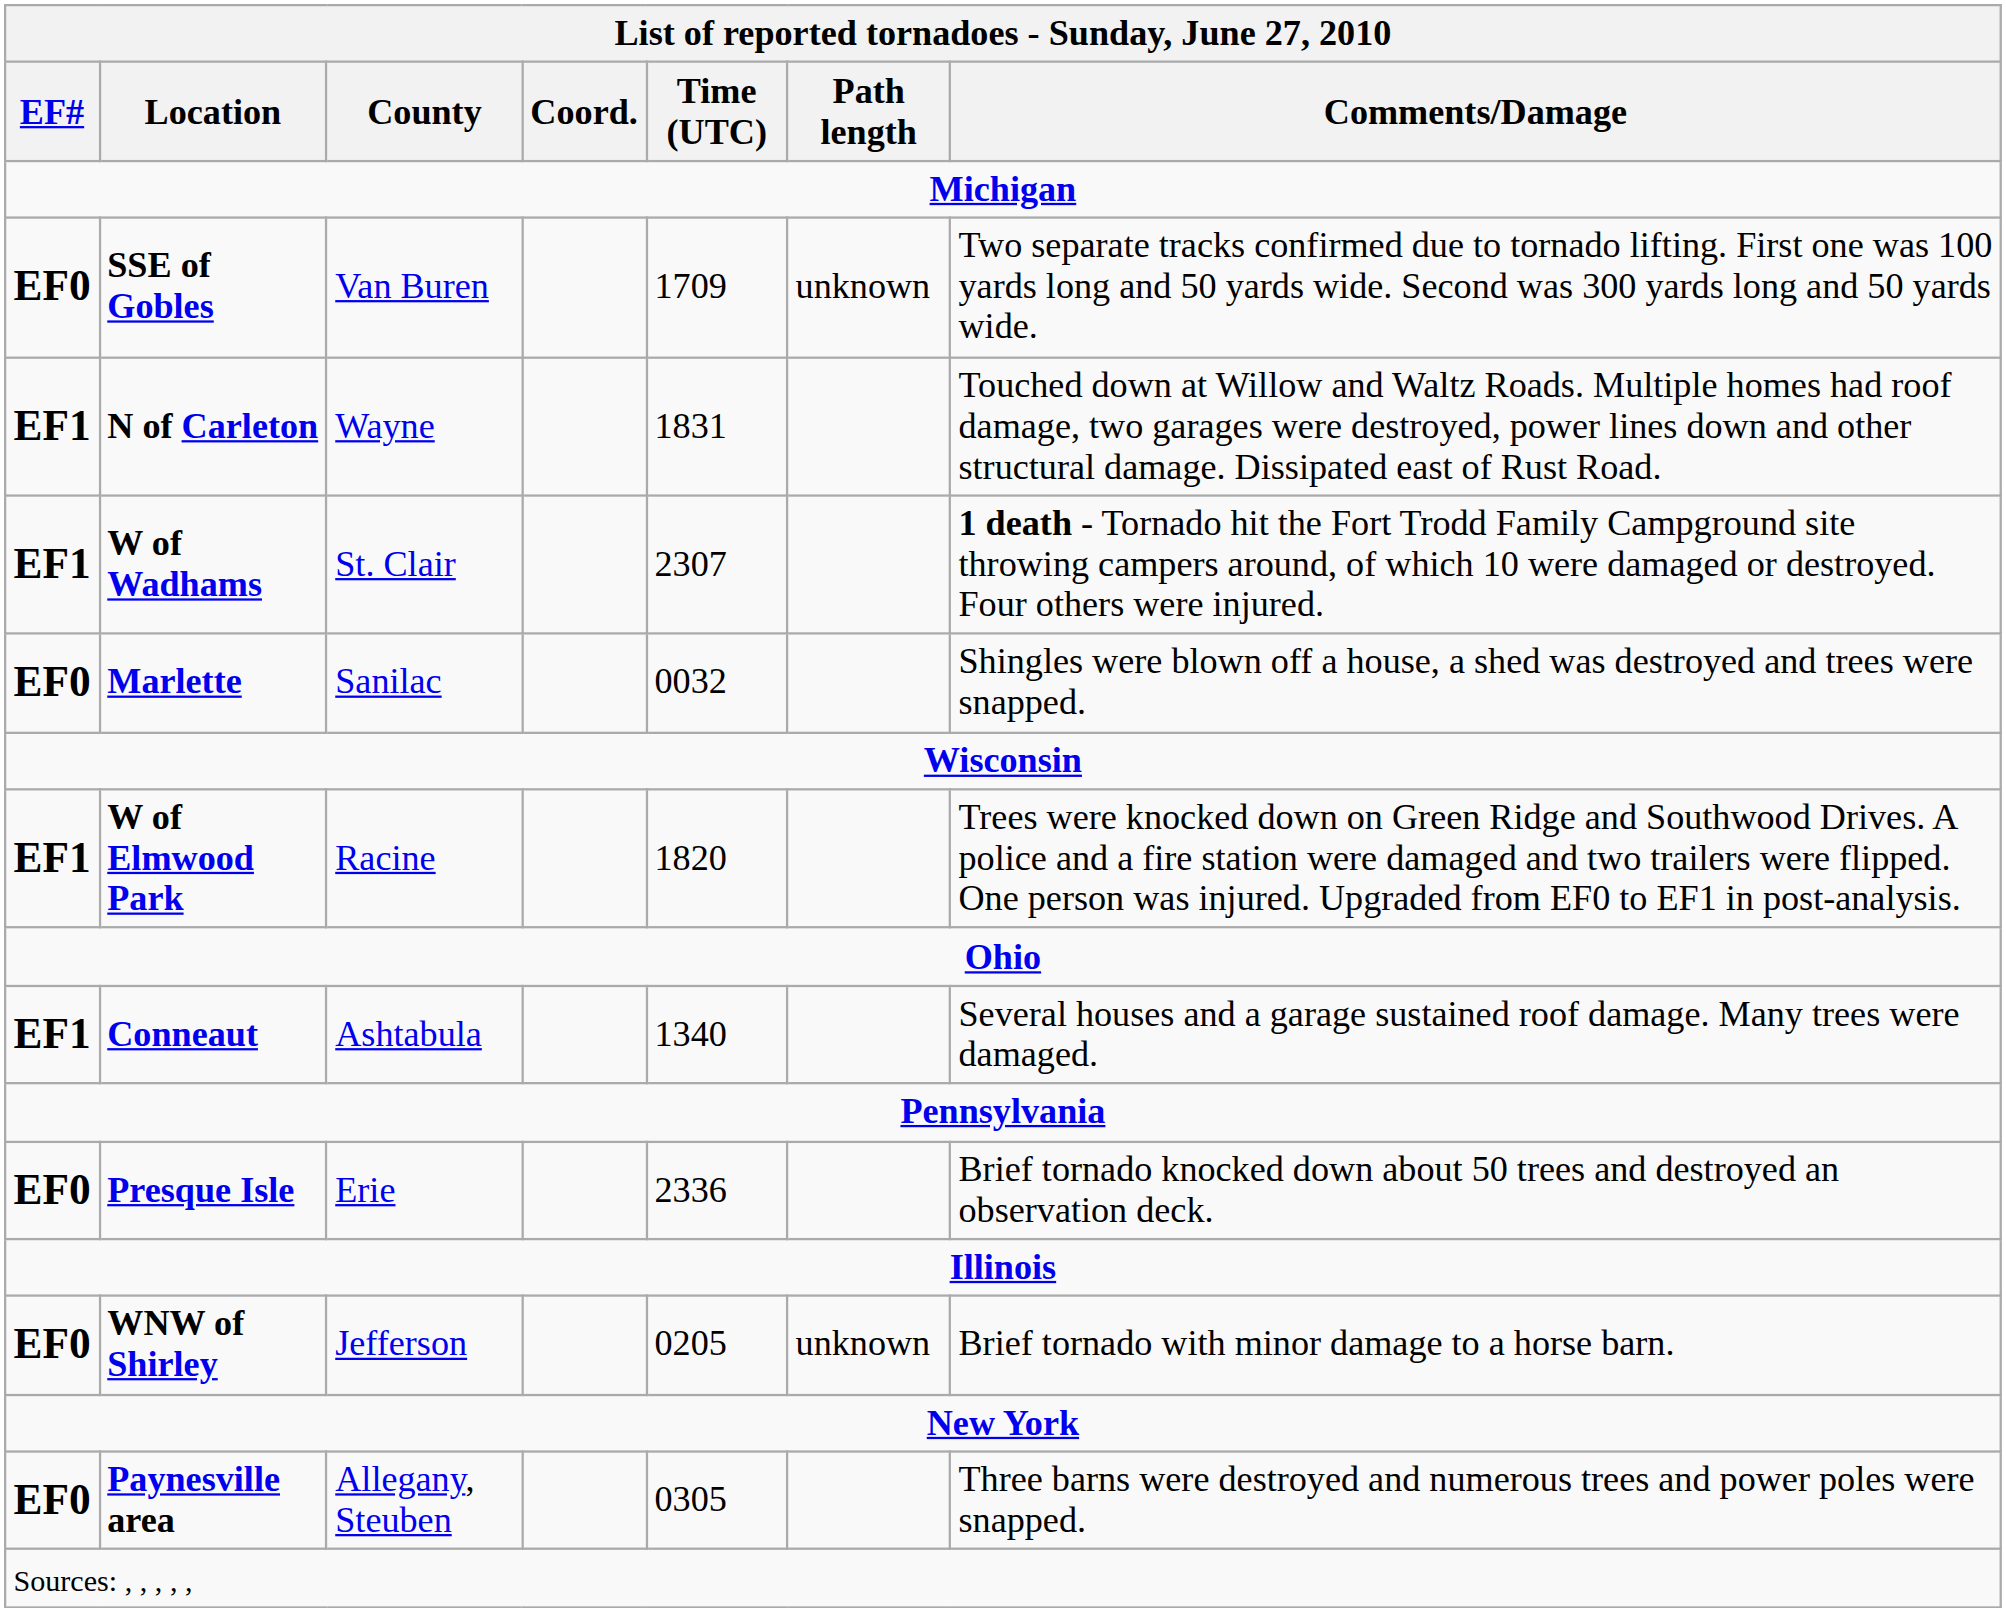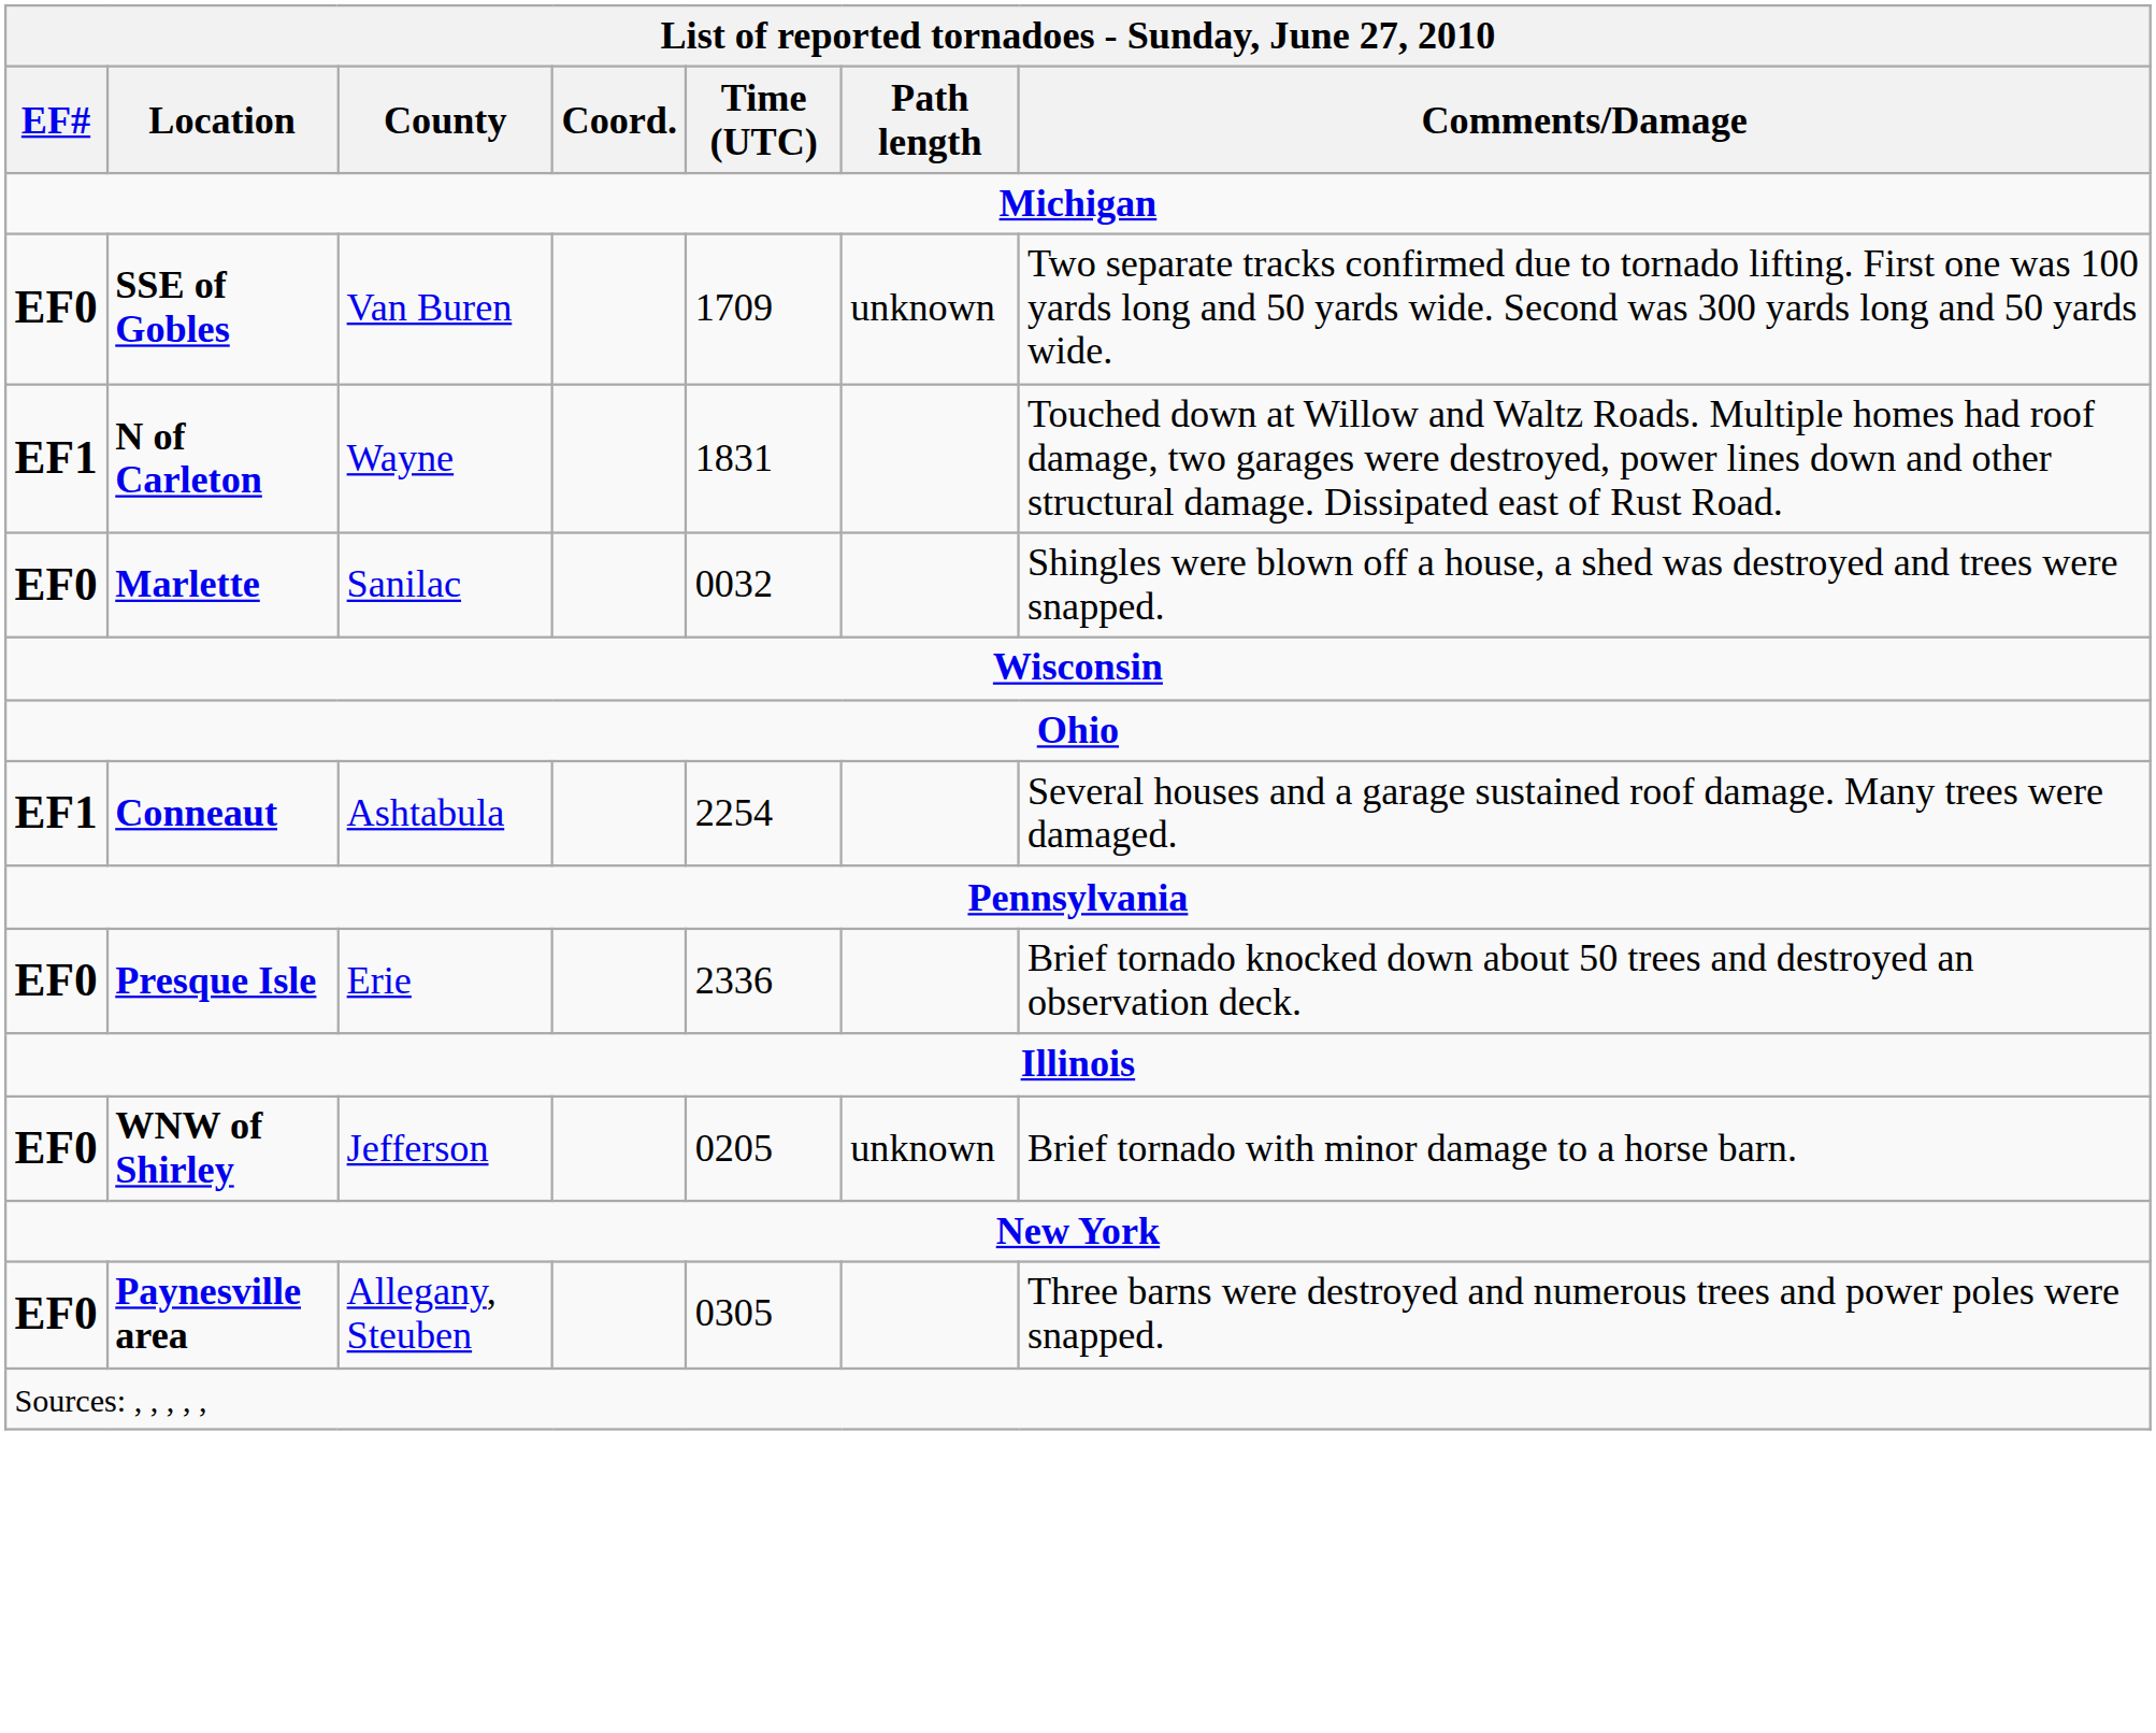 <table class="wikitable collapsible" width="100%">
 <tr>
 <th colspan="7">List of reported tornadoes - Sunday, June 27, 2010</th>
 </tr>
 <tr>
 <th><a href='#'>EF#</a></th>
 <th>Location</th>
 <th>County</th>
 <th>Coord.</th>
 <th>Time (UTC)</th>
 <th>Path length</th>
 <th>Comments/Damage</th>
 </tr>
 <tr>
 <td colspan="7" align=center><strong><a href='#'>Michigan</a></strong></td>
 </tr>
 <tr>
 <td><big><strong>EF0</strong></big></td>
 <td><strong>SSE of <a href='#'>Gobles</a></strong></td>
 <td><a href='#'>Van Buren</a></td>
 <td></td>
 <td>1709</td>
 <td>unknown</td>
 <td>Two separate tracks confirmed due to tornado lifting. First one was 100 yards long and 50 yards wide. Second was 300 yards long and 50 yards wide.</td>
 </tr>
 <tr>
 <td><big><strong>EF1</strong></big></td>
 <td><strong>N of <a href='#'>Carleton</a></strong></td>
 <td><a href='#'>Wayne</a></td>
 <td></td>
 <td>1831</td>
 <td></td>
 <td>Touched down at Willow and Waltz Roads. Multiple homes had roof damage, two garages were destroyed, power lines down and other structural damage. Dissipated east of Rust Road.</td>
 </tr>
 <tr>
-<td><big><strong>EF1</strong></big></td>
-<td><strong>W of <a href='#'>Wadhams</a></strong></td>
-<td><a href='#'>St. Clair</a></td>
-<td></td>
-<td>2307</td>
-<td></td>
-<td><strong>1 death</strong> - Tornado hit the Fort Trodd Family Campground site throwing campers around, of which 10 were damaged or destroyed. Four others were injured.</td>
-</tr>
-<tr>
 <td><big><strong>EF0</strong></big></td>
 <td><strong><a href='#'>Marlette</a></strong></td>
 <td><a href='#'>Sanilac</a></td>
 <td></td>
 <td>0032</td>
 <td></td>
 <td>Shingles were blown off a house, a shed was destroyed and trees were snapped.</td>
 </tr>
 <tr>
 <td colspan="7" align=center><strong><a href='#'>Wisconsin</a></strong></td>
 </tr>
 <tr>
-<td><big><strong>EF1</strong></big></td>
-<td><strong>W of <a href='#'>Elmwood Park</a></strong></td>
-<td><a href='#'>Racine</a></td>
-<td></td>
-<td>1820</td>
-<td></td>
-<td>Trees were knocked down on Green Ridge and Southwood Drives. A police and a fire station were damaged and two trailers were flipped. One person was injured. Upgraded from EF0 to EF1 in post-analysis.</td>
-</tr>
-<tr>
 <td colspan="7" align=center><strong><a href='#'>Ohio</a></strong></td>
 </tr>
 <tr>
 <td><big><strong>EF1</strong></big></td>
 <td><strong><a href='#'>Conneaut</a></strong></td>
 <td><a href='#'>Ashtabula</a></td>
 <td></td>
-<td>1340</td>
+<td>2254</td>
 <td></td>
 <td>Several houses and a garage sustained roof damage. Many trees were damaged.</td>
 </tr>
 <tr>
 <td colspan="7" align=center><strong><a href='#'>Pennsylvania</a></strong></td>
 </tr>
 <tr>
 <td><big><strong>EF0</strong></big></td>
 <td><strong><a href='#'>Presque Isle</a></strong></td>
 <td><a href='#'>Erie</a></td>
 <td></td>
 <td>2336</td>
 <td></td>
 <td>Brief tornado knocked down about 50 trees and destroyed an observation deck.</td>
 </tr>
 <tr>
 <td colspan="7" align=center><strong><a href='#'>Illinois</a></strong></td>
 </tr>
 <tr>
 <td><big><strong>EF0</strong></big></td>
 <td><strong>WNW of <a href='#'>Shirley</a></strong></td>
 <td><a href='#'>Jefferson</a></td>
 <td></td>
 <td>0205</td>
 <td>unknown</td>
 <td>Brief tornado with minor damage to a horse barn.</td>
 </tr>
 <tr>
 <td colspan="7" align=center><strong><a href='#'>New York</a></strong></td>
 </tr>
 <tr>
 <td><big><strong>EF0</strong></big></td>
 <td><strong><a href='#'>Paynesville</a> area</strong></td>
 <td><a href='#'>Allegany</a>, <a href='#'>Steuben</a></td>
 <td></td>
 <td>0305</td>
 <td></td>
 <td>Three barns were destroyed and numerous trees and power poles were snapped.</td>
 </tr>
 <tr>
 <td colspan="7"><small>Sources: , , , , , </small></td>
 </tr>
 </table>
